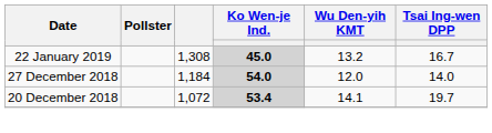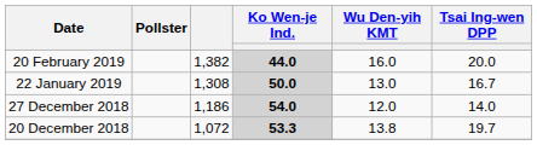 <table class="wikitable sortable collapsible" style="font-size:95%; text-align:center">
 <tr>
 <th rowspan=2>Date</th>
 <th rowspan=2>Pollster</th>
 <th rowspan=2></th>
 <th width=100px><a href='#'>Ko Wen-je</a><br><a href='#'>Ind.</a></th>
 <th width=100px><a href='#'>Wu Den-yih</a><br><a href='#'>KMT</a></th>
 <th width=100px><a href='#'>Tsai Ing-wen</a><br><a href='#'>DPP</a></th>
 </tr>
 <tr>
 <th style="background:"></th>
 <th style="background:"></th>
 <th style="background:"></th>
 </tr>
 <tr>
+<td>20 February 2019</td>
+<td></td>
+<td>1,382</td>
+<td style="background-color:lightgrey;"><strong>44.0</strong></td>
+<td>16.0</td>
+<td>20.0</td>
+</tr>
+<tr>
 <td>22 January 2019</td>
 <td></td>
 <td>1,308</td>
-<td style="background-color:lightgrey;"><strong>45.0</strong></td>
-<td>13.2</td>
+<td style="background-color:lightgrey;"><strong>50.0</strong></td>
+<td>13.0</td>
 <td>16.7</td>
 </tr>
 <tr>
 <td>27 December 2018</td>
 <td></td>
-<td>1,184</td>
+<td>1,186</td>
 <td style="background-color:lightgrey;"><strong>54.0</strong></td>
 <td>12.0</td>
 <td>14.0</td>
 </tr>
 <tr>
 <td>20 December 2018</td>
 <td></td>
 <td>1,072</td>
-<td style="background-color:lightgrey;"><strong>53.4</strong></td>
-<td>14.1</td>
+<td style="background-color:lightgrey;"><strong>53.3</strong></td>
+<td>13.8</td>
 <td>19.7</td>
 </tr>
 <tr>
 </tr>
 </table>
